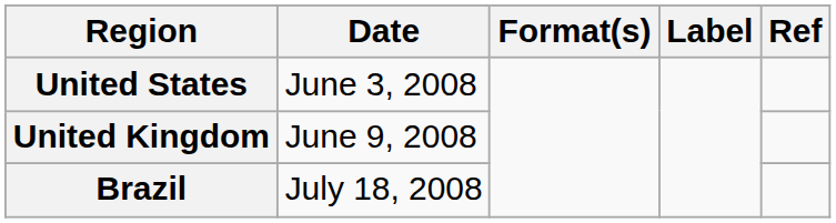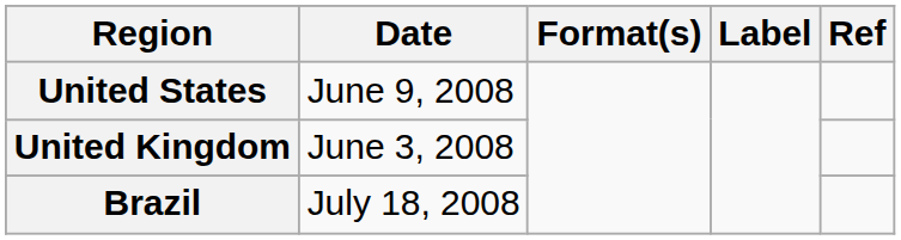 <table class="wikitable plainrowheaders">
 <tr>
 <th scope="col">Region</th>
 <th scope="col">Date</th>
 <th scope="col">Format(s)</th>
 <th scope="col">Label</th>
 <th scope="col">Ref</th>
 </tr>
 <tr>
 <th scope="row">United States</th>
-<td>June 3, 2008</td>
+<td>June 9, 2008</td>
 <td rowspan="3"></td>
 <td rowspan="3"></td>
 <td></td>
 </tr>
 <tr>
 <th scope="row">United Kingdom</th>
-<td>June 9, 2008</td>
+<td>June 3, 2008</td>
 <td></td>
 </tr>
 <tr>
 <th scope="row">Brazil</th>
 <td>July 18, 2008</td>
 <td></td>
 </tr>
 </table>
